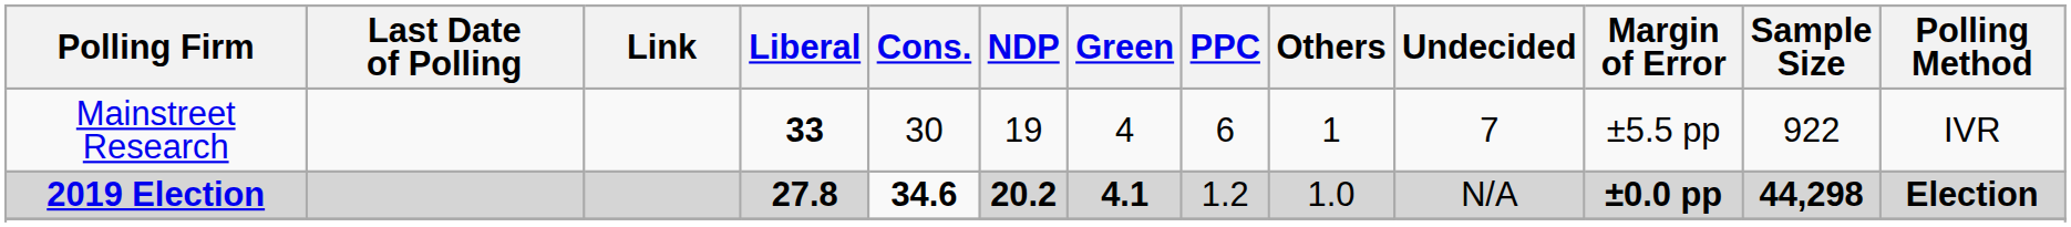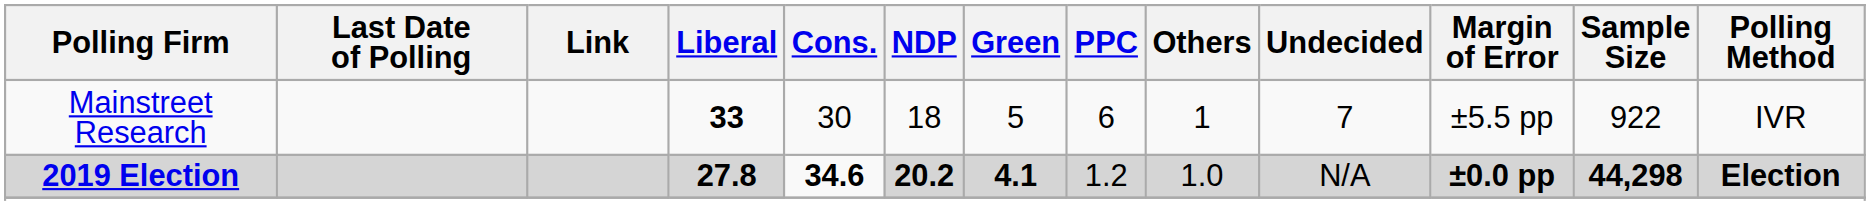 <table class="wikitable sortable" style="text-align:center;font-size:90%;line-height:14px;">
 <tr style="background:#e9e9e9;">
 <th style="width:120px">Polling Firm</th>
 <th style="width:110px">Last Date<br>of Polling</th>
 <th style="width:60px" class="unsortable">Link</th>
 <th style="background-color:"><a href='#'>Liberal</a></th>
 <th style="background-color:"><a href='#'>Cons.</a></th>
 <th style="background-color:"><a href='#'>NDP</a></th>
 <th style="background-color:"><a href='#'>Green</a></th>
 <th style="background-color:"><a href='#'><span>PPC</span></a></th>
 <th style="background-color:">Others</th>
 <th style="background-color:">Undecided</th>
 <th style="width:60px;" class=unsortable>Margin<br>of Error</th>
 <th style="width:50px;" class=unsortable>Sample<br>Size</th>
 <th class=unsortable>Polling Method</th>
 </tr>
 <tr>
 <td><a href='#'>Mainstreet Research</a></td>
 <td></td>
 <td></td>
 <td><strong>33</strong></td>
 <td>30</td>
-<td>19</td>
-<td>4</td>
+<td>18</td>
+<td>5</td>
 <td>6</td>
 <td>1</td>
 <td>7</td>
 <td>±5.5 pp</td>
 <td>922</td>
 <td>IVR</td>
 </tr>
 <tr>
 <td style="background:#D5D5D5"><strong><a href='#'>2019 Election</a></strong></td>
 <td style="background:#D5D5D5"><strong></strong></td>
 <td style="background:#D5D5D5"></td>
 <td style="background:#D5D5D5"><strong>27.8</strong></td>
 <td><strong>34.6</strong></td>
 <td style="background:#D5D5D5"><strong>20.2</strong></td>
 <td style="background:#D5D5D5"><strong>4.1</strong></td>
 <td style="background:#D5D5D5">1.2</td>
 <td style="background:#D5D5D5">1.0</td>
 <td style="background:#D5D5D5">N/A</td>
 <td style="background:#D5D5D5"><strong>±0.0 pp</strong></td>
 <td style="background:#D5D5D5"><strong>44,298</strong></td>
 <td style="background:#D5D5D5"><strong>Election</strong></td>
 </tr>
 <tr>
 </tr>
 <tr>
 </tr>
 </table>
